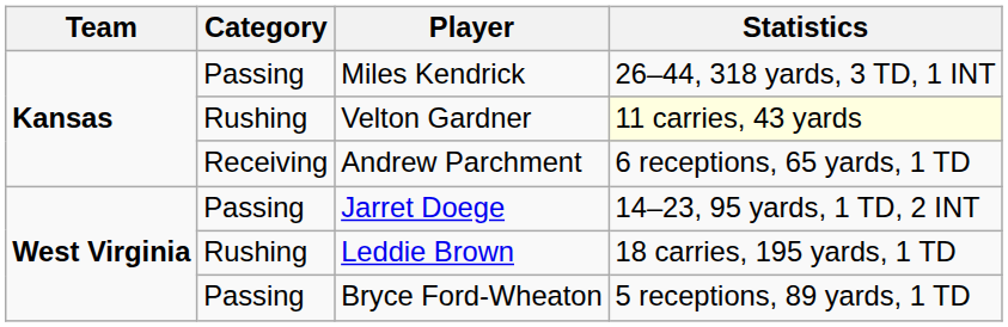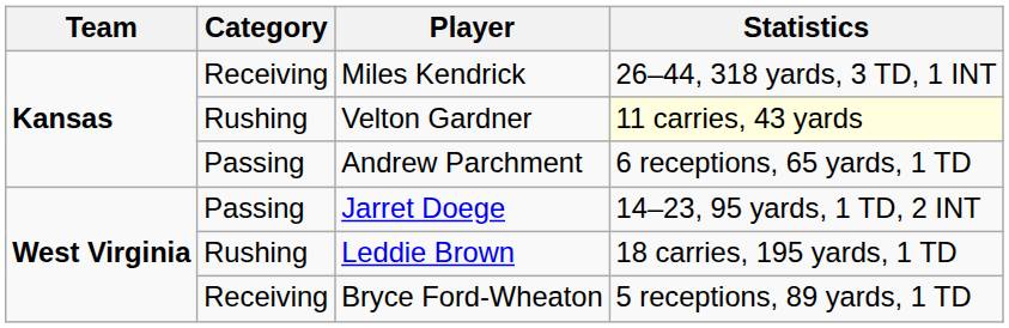 <table class="wikitable" style="float: left;">
 <tr>
 <th>Team</th>
 <th>Category</th>
 <th>Player</th>
 <th>Statistics</th>
 </tr>
 <tr>
 <td rowspan=3><strong>Kansas</strong></td>
-<td>Passing</td>
+<td>Receiving</td>
 <td>Miles Kendrick</td>
 <td>26–44, 318 yards, 3 TD, 1 INT</td>
 </tr>
 <tr>
 <td>Rushing</td>
 <td>Velton Gardner</td>
 <td style="background: lightyellow;">11 carries, 43 yards</td>
 </tr>
 <tr>
-<td>Receiving</td>
+<td>Passing</td>
 <td>Andrew Parchment</td>
 <td>6 receptions, 65 yards, 1 TD</td>
 </tr>
 <tr>
 <td rowspan=3><strong>West Virginia</strong></td>
 <td>Passing</td>
 <td><a href='#'>Jarret Doege</a></td>
 <td>14–23, 95 yards, 1 TD, 2 INT</td>
 </tr>
 <tr>
 <td>Rushing</td>
 <td><a href='#'>Leddie Brown</a></td>
 <td>18 carries, 195 yards, 1 TD</td>
 </tr>
 <tr>
-<td>Passing</td>
+<td>Receiving</td>
 <td>Bryce Ford-Wheaton</td>
 <td>5 receptions, 89 yards, 1 TD</td>
 </tr>
 </table>
